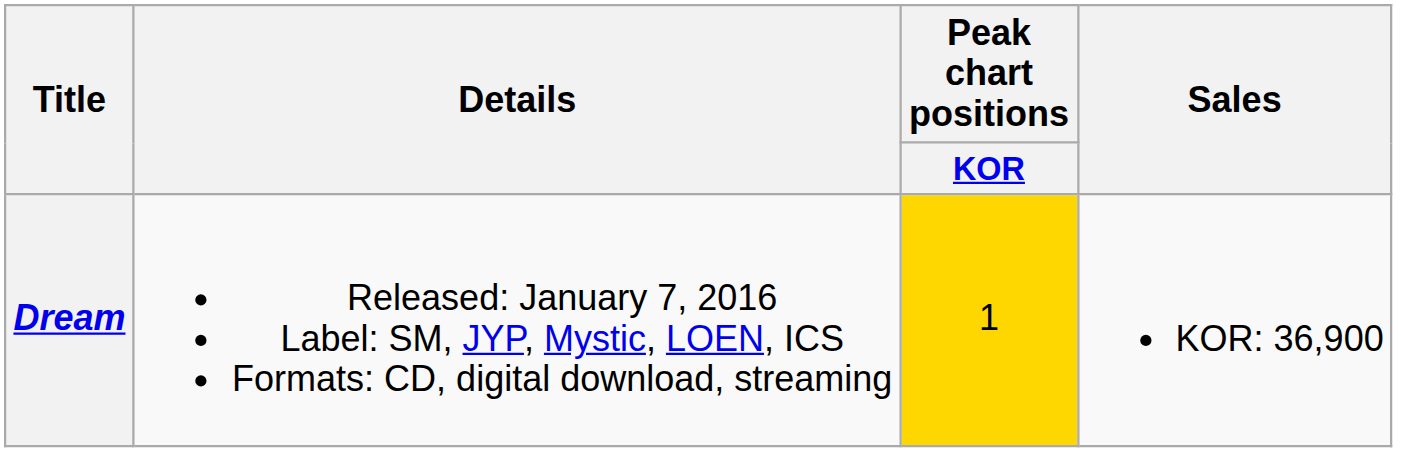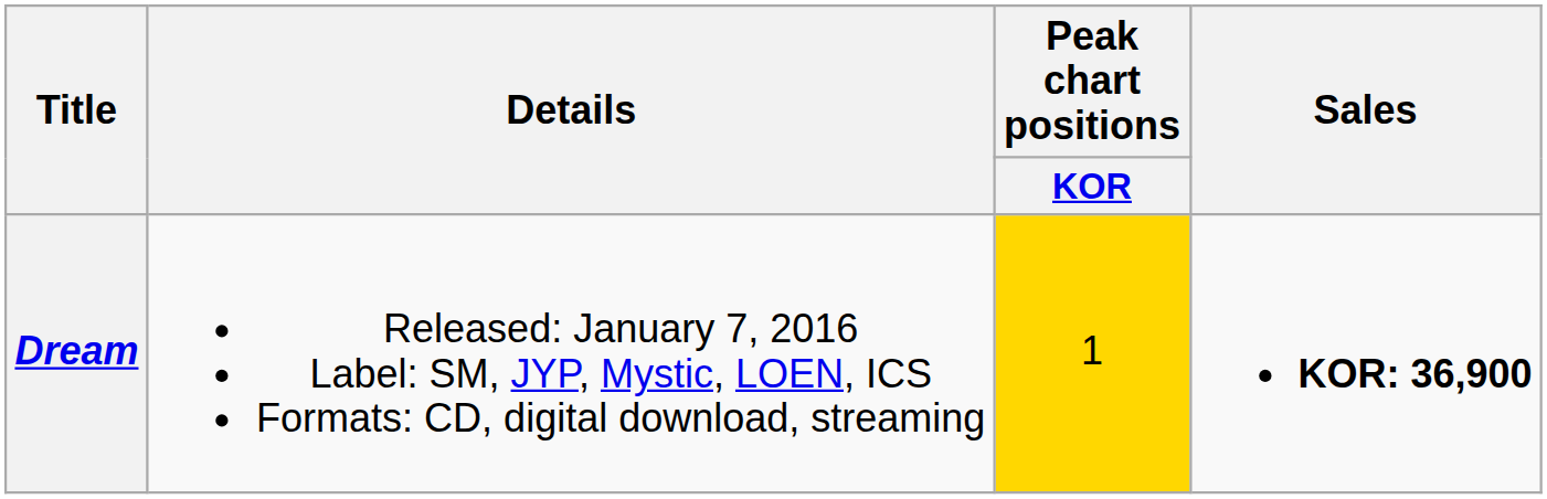 <table class="wikitable plainrowheaders" style="text-align:center;">
 <tr>
 <th scope="col" rowspan="2">Title</th>
 <th scope="col" rowspan="2">Details</th>
 <th scope="col">Peak<br>chart<br>positions</th>
 <th scope="col" rowspan="2">Sales</th>
 </tr>
 <tr>
 <th scope="col" style="width:2.5em;font-size:90%;"><a href='#'>KOR</a><br></th>
 </tr>
 <tr>
 <th scope="row"><em><a href='#'>Dream</a></em><br></th>
 <td><br><ul><li>Released: January 7, 2016</li><li>Label: SM, <a href='#'>JYP</a>, <a href='#'>Mystic</a>, <a href='#'>LOEN</a>, ICS</li><li>Formats: CD, digital download, streaming</li></ul></td>
 <td style="background: gold;">1</td>
-<td><br><ul><li>KOR: 36,900</li></ul></td>
+<td><strong><br><ul><li>KOR: 36,900</li></ul></strong></td>
 </tr>
 </table>
